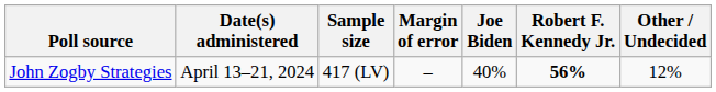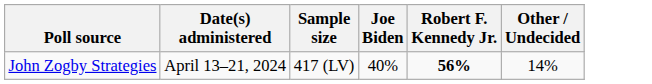 <table class="wikitable sortable mw-datatable" style="font-size:90%;text-align:center;line-height:17px">
 <tr valign=bottom>
 <th>Poll source</th>
 <th>Date(s)<br>administered</th>
 <th>Sample<br>size</th>
-<th>Margin<br>of error</th>
 <th class="unsortable">Joe<br>Biden<br></th>
 <th class="unsortable">Robert F.<br>Kennedy Jr.<br></th>
 <th class="unsortable">Other /<br>Undecided</th>
 </tr>
 <tr>
 <td style="text-align:left;"><a href='#'>John Zogby Strategies</a></td>
 <td data-sort-value="2024-05-01">April 13–21, 2024</td>
 <td>417 (LV)</td>
-<td>–</td>
 <td>40%</td>
 <td style="background-color:"><strong>56%</strong></td>
-<td>12%</td>
+<td>14%</td>
 </tr>
 </table>
